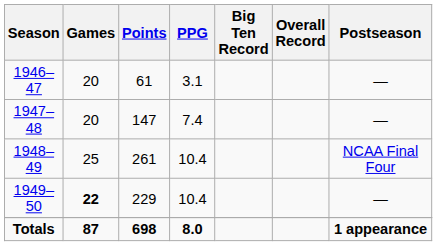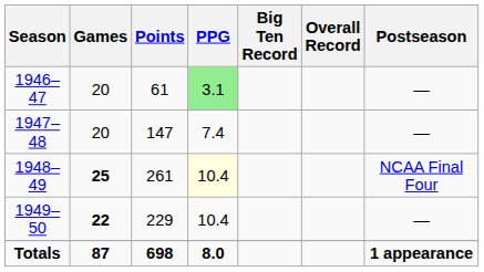 <table class="wikitable sortable" style="text-align:center; font-size:95%;">
 <tr>
 <th width=40px>Season</th>
 <th width=40px>Games</th>
 <th width=40px><a href='#'>Points</a></th>
 <th width=40px><a href='#'>PPG</a></th>
 <th width=40px>Big Ten <br>Record</th>
 <th width=40px>Overall <br>Record</th>
 <th width=100px>Postseason</th>
 </tr>
 <tr>
 <td><a href='#'>1946–47</a></td>
 <td>20</td>
 <td>61</td>
-<td>3.1</td>
+<td style="background: lightgreen;">3.1</td>
 <td></td>
 <td></td>
 <td>—</td>
 </tr>
 <tr>
 <td><a href='#'>1947–48</a></td>
 <td>20</td>
 <td>147</td>
 <td>7.4</td>
 <td></td>
 <td></td>
 <td>—</td>
 </tr>
 <tr>
 <td><a href='#'>1948–49</a></td>
-<td>25</td>
+<td><strong>25</strong></td>
 <td>261</td>
-<td>10.4</td>
+<td style="background: lightyellow;">10.4</td>
 <td></td>
 <td></td>
 <td><a href='#'>NCAA Final Four</a></td>
 </tr>
 <tr>
 <td><a href='#'>1949–50</a></td>
 <td><strong>22</strong></td>
 <td>229</td>
 <td>10.4</td>
 <td></td>
 <td></td>
 <td>—</td>
 </tr>
 <tr>
 </tr>
 <tr class="sortbottom">
 <td><strong>Totals</strong></td>
 <td><strong>87</strong></td>
 <td><strong>698</strong></td>
 <td><strong>8.0</strong></td>
 <td><strong></strong></td>
 <td><strong></strong></td>
 <td><strong>1 appearance</strong></td>
 </tr>
 </table>
